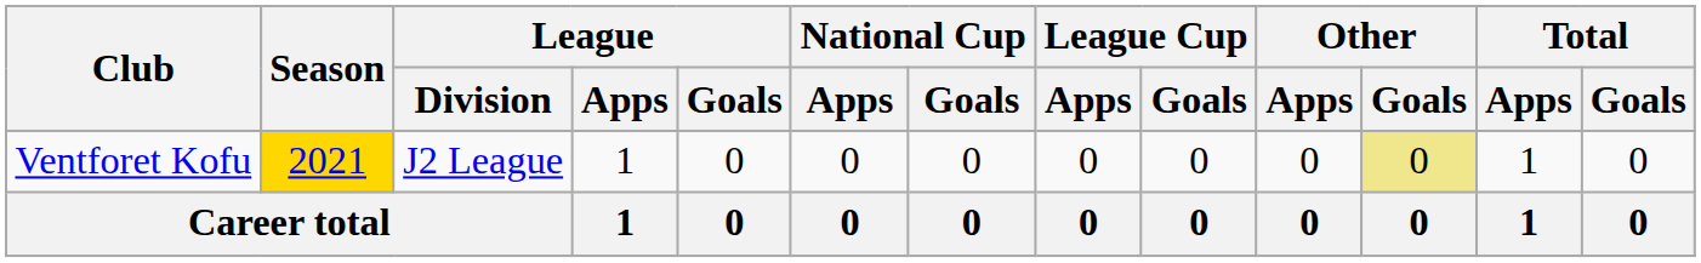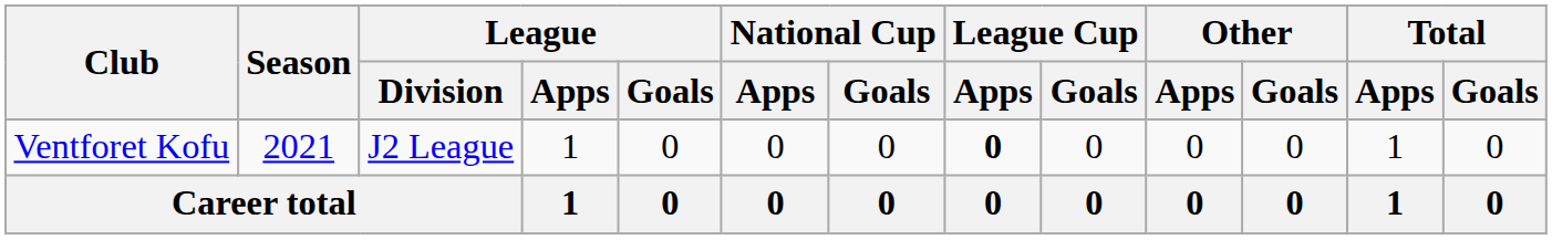 <table class="wikitable" style="text-align: center">
 <tr>
 <th rowspan="2">Club</th>
 <th rowspan="2">Season</th>
 <th colspan="3">League</th>
 <th colspan="2">National Cup</th>
 <th colspan="2">League Cup</th>
 <th colspan="2">Other</th>
 <th colspan="2">Total</th>
 </tr>
 <tr>
 <th>Division</th>
 <th>Apps</th>
 <th>Goals</th>
 <th>Apps</th>
 <th>Goals</th>
 <th>Apps</th>
 <th>Goals</th>
 <th>Apps</th>
 <th>Goals</th>
 <th>Apps</th>
 <th>Goals</th>
 </tr>
 <tr>
 <td><a href='#'>Ventforet Kofu</a></td>
-<td style="background: gold;"><a href='#'>2021</a></td>
+<td><a href='#'>2021</a></td>
 <td><a href='#'>J2 League</a></td>
 <td>1</td>
 <td>0</td>
 <td>0</td>
 <td>0</td>
+<td><strong>0</strong></td>
 <td>0</td>
 <td>0</td>
 <td>0</td>
-<td style="background: khaki;">0</td>
 <td>1</td>
 <td>0</td>
 </tr>
 <tr>
 <th colspan=3>Career total</th>
 <th>1</th>
 <th>0</th>
 <th>0</th>
 <th>0</th>
 <th>0</th>
 <th>0</th>
 <th>0</th>
 <th>0</th>
 <th>1</th>
 <th>0</th>
 </tr>
 </table>
